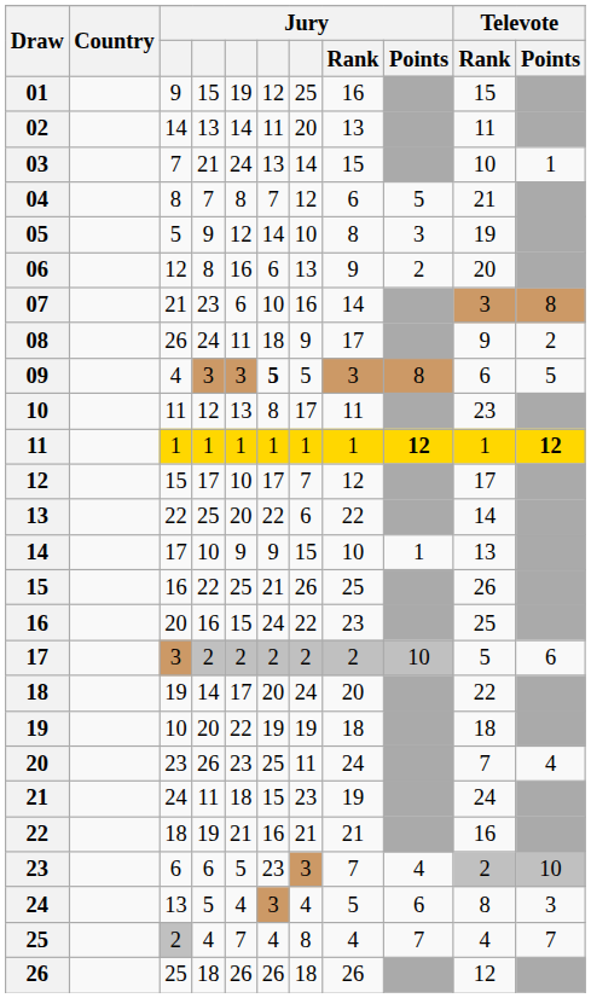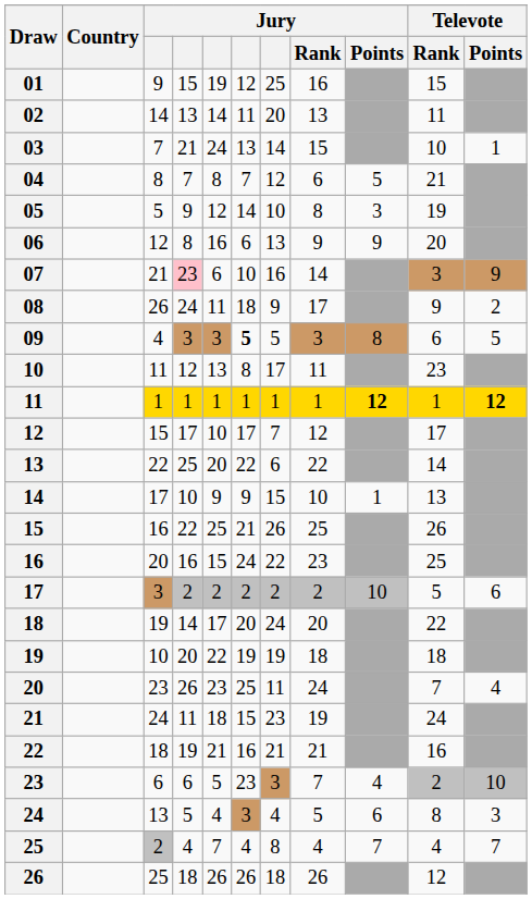 <table class="sortable wikitable collapsible plainrowheaders" style="text-align:center">
 <tr>
 </tr>
 <tr>
 <th scope="col" rowspan="2">Draw</th>
 <th scope="col" rowspan="2">Country</th>
 <th scope="col" colspan="7">Jury</th>
 <th scope="col" colspan="2">Televote</th>
 </tr>
 <tr>
 <th scope="col"><small></small></th>
 <th scope="col"><small></small></th>
 <th scope="col"><small></small></th>
 <th scope="col"><small></small></th>
 <th scope="col"><small></small></th>
 <th scope="col">Rank</th>
 <th scope="col">Points</th>
 <th scope="col">Rank</th>
 <th scope="col">Points</th>
 </tr>
 <tr>
 <th scope="row" style="text-align:center;">01</th>
 <td style="text-align:left;"></td>
 <td>9</td>
 <td>15</td>
 <td>19</td>
 <td>12</td>
 <td>25</td>
 <td>16</td>
 <td style="background:#AAAAAA;"></td>
 <td>15</td>
 <td style="background:#AAAAAA;"></td>
 </tr>
 <tr>
 <th scope="row" style="text-align:center;">02</th>
 <td style="text-align:left;"></td>
 <td>14</td>
 <td>13</td>
 <td>14</td>
 <td>11</td>
 <td>20</td>
 <td>13</td>
 <td style="background:#AAAAAA;"></td>
 <td>11</td>
 <td style="background:#AAAAAA;"></td>
 </tr>
 <tr>
 <th scope="row" style="text-align:center;">03</th>
 <td style="text-align:left;"></td>
 <td>7</td>
 <td>21</td>
 <td>24</td>
 <td>13</td>
 <td>14</td>
 <td>15</td>
 <td style="background:#AAAAAA;"></td>
 <td>10</td>
 <td>1</td>
 </tr>
 <tr>
 <th scope="row" style="text-align:center;">04</th>
 <td style="text-align:left;"></td>
 <td>8</td>
 <td>7</td>
 <td>8</td>
 <td>7</td>
 <td>12</td>
 <td>6</td>
 <td>5</td>
 <td>21</td>
 <td style="background:#AAAAAA;"></td>
 </tr>
 <tr>
 <th scope="row" style="text-align:center;">05</th>
 <td style="text-align:left;"></td>
 <td>5</td>
 <td>9</td>
 <td>12</td>
 <td>14</td>
 <td>10</td>
 <td>8</td>
 <td>3</td>
 <td>19</td>
 <td style="background:#AAAAAA;"></td>
 </tr>
 <tr>
 <th scope="row" style="text-align:center;">06</th>
 <td style="text-align:left;"></td>
 <td>12</td>
 <td>8</td>
 <td>16</td>
 <td>6</td>
 <td>13</td>
 <td>9</td>
-<td>2</td>
+<td>9</td>
 <td>20</td>
 <td style="background:#AAAAAA;"></td>
 </tr>
 <tr>
 <th scope="row" style="text-align:center;">07</th>
 <td style="text-align:left;"></td>
 <td>21</td>
-<td>23</td>
+<td style="background: pink;">23</td>
 <td>6</td>
 <td>10</td>
 <td>16</td>
 <td>14</td>
 <td style="background:#AAAAAA;"></td>
 <td style="background:#CC9966;">3</td>
-<td style="background:#CC9966;">8</td>
+<td style="background:#CC9966;">9</td>
 </tr>
 <tr>
 <th scope="row" style="text-align:center;">08</th>
 <td style="text-align:left;"></td>
 <td>26</td>
 <td>24</td>
 <td>11</td>
 <td>18</td>
 <td>9</td>
 <td>17</td>
 <td style="background:#AAAAAA;"></td>
 <td>9</td>
 <td>2</td>
 </tr>
 <tr>
 <th scope="row" style="text-align:center;">09</th>
 <td style="text-align:left;"></td>
 <td>4</td>
 <td style="background:#CC9966;">3</td>
 <td style="background:#CC9966;">3</td>
 <td><strong>5</strong></td>
 <td>5</td>
 <td style="background:#CC9966;">3</td>
 <td style="background:#CC9966;">8</td>
 <td>6</td>
 <td>5</td>
 </tr>
 <tr>
 <th scope="row" style="text-align:center;">10</th>
 <td style="text-align:left;"></td>
 <td>11</td>
 <td>12</td>
 <td>13</td>
 <td>8</td>
 <td>17</td>
 <td>11</td>
 <td style="background:#AAAAAA;"></td>
 <td>23</td>
 <td style="background:#AAAAAA;"></td>
 </tr>
 <tr>
 <th scope="row" style="text-align:center;">11</th>
 <td style="text-align:left;"></td>
 <td style="background:gold;">1</td>
 <td style="background:gold;">1</td>
 <td style="background:gold;">1</td>
 <td style="background:gold;">1</td>
 <td style="background:gold;">1</td>
 <td style="background:gold;">1</td>
 <td style="background:gold;"><strong>12</strong></td>
 <td style="background:gold;">1</td>
 <td style="background:gold;"><strong>12</strong></td>
 </tr>
 <tr>
 <th scope="row" style="text-align:center;">12</th>
 <td style="text-align:left;"></td>
 <td>15</td>
 <td>17</td>
 <td>10</td>
 <td>17</td>
 <td>7</td>
 <td>12</td>
 <td style="background:#AAAAAA;"></td>
 <td>17</td>
 <td style="background:#AAAAAA;"></td>
 </tr>
 <tr>
 <th scope="row" style="text-align:center;">13</th>
 <td style="text-align:left;"></td>
 <td>22</td>
 <td>25</td>
 <td>20</td>
 <td>22</td>
 <td>6</td>
 <td>22</td>
 <td style="background:#AAAAAA;"></td>
 <td>14</td>
 <td style="background:#AAAAAA;"></td>
 </tr>
 <tr>
 <th scope="row" style="text-align:center;">14</th>
 <td style="text-align:left;"></td>
 <td>17</td>
 <td>10</td>
 <td>9</td>
 <td>9</td>
 <td>15</td>
 <td>10</td>
 <td>1</td>
 <td>13</td>
 <td style="background:#AAAAAA;"></td>
 </tr>
 <tr>
 <th scope="row" style="text-align:center;">15</th>
 <td style="text-align:left;"></td>
 <td>16</td>
 <td>22</td>
 <td>25</td>
 <td>21</td>
 <td>26</td>
 <td>25</td>
 <td style="background:#AAAAAA;"></td>
 <td>26</td>
 <td style="background:#AAAAAA;"></td>
 </tr>
 <tr>
 <th scope="row" style="text-align:center;">16</th>
 <td style="text-align:left;"></td>
 <td>20</td>
 <td>16</td>
 <td>15</td>
 <td>24</td>
 <td>22</td>
 <td>23</td>
 <td style="background:#AAAAAA;"></td>
 <td>25</td>
 <td style="background:#AAAAAA;"></td>
 </tr>
 <tr>
 <th scope="row" style="text-align:center;">17</th>
 <td style="text-align:left;"></td>
 <td style="background:#CC9966;">3</td>
 <td style="background:silver;">2</td>
 <td style="background:silver;">2</td>
 <td style="background:silver;">2</td>
 <td style="background:silver;">2</td>
 <td style="background:silver;">2</td>
 <td style="background:silver;">10</td>
 <td>5</td>
 <td>6</td>
 </tr>
 <tr>
 <th scope="row" style="text-align:center;">18</th>
 <td style="text-align:left;"></td>
 <td>19</td>
 <td>14</td>
 <td>17</td>
 <td>20</td>
 <td>24</td>
 <td>20</td>
 <td style="background:#AAAAAA;"></td>
 <td>22</td>
 <td style="background:#AAAAAA;"></td>
 </tr>
 <tr>
 <th scope="row" style="text-align:center;">19</th>
 <td style="text-align:left;"></td>
 <td>10</td>
 <td>20</td>
 <td>22</td>
 <td>19</td>
 <td>19</td>
 <td>18</td>
 <td style="background:#AAAAAA;"></td>
 <td>18</td>
 <td style="background:#AAAAAA;"></td>
 </tr>
 <tr>
 <th scope="row" style="text-align:center;">20</th>
 <td style="text-align:left;"></td>
 <td>23</td>
 <td>26</td>
 <td>23</td>
 <td>25</td>
 <td>11</td>
 <td>24</td>
 <td style="background:#AAAAAA;"></td>
 <td>7</td>
 <td>4</td>
 </tr>
 <tr>
 <th scope="row" style="text-align:center;">21</th>
 <td style="text-align:left;"></td>
 <td>24</td>
 <td>11</td>
 <td>18</td>
 <td>15</td>
 <td>23</td>
 <td>19</td>
 <td style="background:#AAAAAA;"></td>
 <td>24</td>
 <td style="background:#AAAAAA;"></td>
 </tr>
 <tr>
 <th scope="row" style="text-align:center;">22</th>
 <td style="text-align:left;"></td>
 <td>18</td>
 <td>19</td>
 <td>21</td>
 <td>16</td>
 <td>21</td>
 <td>21</td>
 <td style="background:#AAAAAA;"></td>
 <td>16</td>
 <td style="background:#AAAAAA;"></td>
 </tr>
 <tr>
 <th scope="row" style="text-align:center;">23</th>
 <td style="text-align:left;"></td>
 <td>6</td>
 <td>6</td>
 <td>5</td>
 <td>23</td>
 <td style="background:#CC9966;">3</td>
 <td>7</td>
 <td>4</td>
 <td style="background:silver;">2</td>
 <td style="background:silver;">10</td>
 </tr>
 <tr>
 <th scope="row" style="text-align:center;">24</th>
 <td style="text-align:left;"></td>
 <td>13</td>
 <td>5</td>
 <td>4</td>
 <td style="background:#CC9966;">3</td>
 <td>4</td>
 <td>5</td>
 <td>6</td>
 <td>8</td>
 <td>3</td>
 </tr>
 <tr>
 <th scope="row" style="text-align:center;">25</th>
 <td style="text-align:left;"></td>
 <td style="background:silver;">2</td>
 <td>4</td>
 <td>7</td>
 <td>4</td>
 <td>8</td>
 <td>4</td>
 <td>7</td>
 <td>4</td>
 <td>7</td>
 </tr>
 <tr>
 <th scope="row" style="text-align:center;">26</th>
 <td style="text-align:left;"></td>
 <td>25</td>
 <td>18</td>
 <td>26</td>
 <td>26</td>
 <td>18</td>
 <td>26</td>
 <td style="background:#AAAAAA;"></td>
 <td>12</td>
 <td style="background:#AAAAAA;"></td>
 </tr>
 </table>
